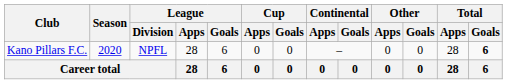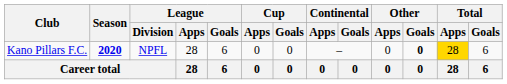 <table class="wikitable" style="text-align: center">
 <tr>
 <th rowspan="2">Club</th>
 <th rowspan="2">Season</th>
 <th colspan="3">League</th>
 <th colspan="2">Cup</th>
 <th colspan="2">Continental</th>
 <th colspan="2">Other</th>
 <th colspan="2">Total</th>
 </tr>
 <tr>
 <th>Division</th>
 <th>Apps</th>
 <th>Goals</th>
 <th>Apps</th>
 <th>Goals</th>
 <th>Apps</th>
 <th>Goals</th>
 <th>Apps</th>
 <th>Goals</th>
 <th>Apps</th>
 <th>Goals</th>
 </tr>
 <tr>
 <td><a href='#'>Kano Pillars F.C.</a></td>
-<td><a href='#'>2020</a></td>
+<td><strong><a href='#'>2020</a></strong></td>
 <td><a href='#'>NPFL</a></td>
 <td>28</td>
 <td>6</td>
 <td>0</td>
 <td>0</td>
 <td colspan="2">–</td>
 <td>0</td>
-<td>0</td>
-<td>28</td>
-<td><strong>6</strong></td>
+<td><strong>0</strong></td>
+<td style="background: gold;">28</td>
+<td>6</td>
 </tr>
 <tr>
 <th colspan="3"><strong>Career total</strong></th>
 <th>28</th>
 <th>6</th>
 <th>0</th>
 <th>0</th>
 <th>0</th>
 <th>0</th>
 <th>0</th>
 <th>0</th>
 <th>28</th>
 <th>6</th>
 </tr>
 </table>
